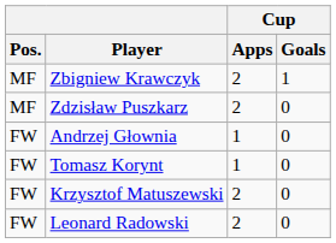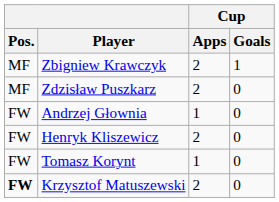 <table class="wikitable" style="display: inline-table;">
 <tr>
 <th colspan="2"></th>
 <th colspan="2">Cup</th>
 </tr>
 <tr>
 <th>Pos.</th>
 <th>Player</th>
 <th>Apps</th>
 <th>Goals</th>
 </tr>
 <tr>
 <td>MF</td>
 <td><a href='#'>Zbigniew Krawczyk</a></td>
 <td>2</td>
 <td>1</td>
 </tr>
 <tr>
 <td>MF</td>
 <td><a href='#'>Zdzisław Puszkarz</a></td>
 <td>2</td>
 <td>0</td>
 </tr>
 <tr>
 <td>FW</td>
 <td><a href='#'>Andrzej Głownia</a></td>
 <td>1</td>
 <td>0</td>
 </tr>
 <tr>
 <td>FW</td>
+<td><a href='#'>Henryk Kliszewicz</a></td>
+<td>2</td>
+<td>0</td>
+</tr>
+<tr>
+<td>FW</td>
 <td><a href='#'>Tomasz Korynt</a></td>
 <td>1</td>
 <td>0</td>
 </tr>
 <tr>
-<td>FW</td>
+<td><strong>FW</strong></td>
 <td><a href='#'>Krzysztof Matuszewski</a></td>
 <td>2</td>
 <td>0</td>
 </tr>
-<tr>
-<td>FW</td>
-<td><a href='#'>Leonard Radowski</a></td>
-<td>2</td>
-<td>0</td>
-</tr>
 </table>
